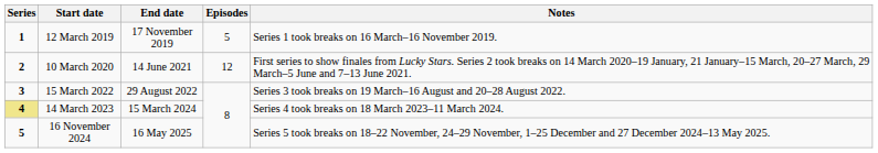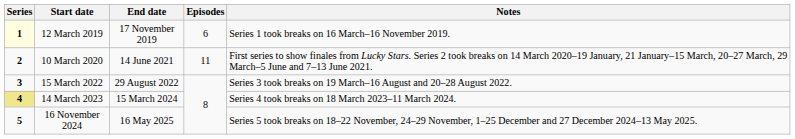 <table class="wikitable" style="text-align:center;">
 <tr>
 <th>Series</th>
 <th>Start date</th>
 <th>End date</th>
 <th>Episodes</th>
 <th>Notes</th>
 </tr>
 <tr>
-<td><strong>1</strong></td>
+<td style="background: lightyellow;"><strong>1</strong></td>
 <td>12 March 2019</td>
 <td>17 November 2019</td>
-<td>5</td>
+<td>6</td>
 <td style="text-align:left;">Series 1 took breaks on 16 March–16 November 2019.</td>
 </tr>
 <tr>
 <td><strong>2</strong></td>
 <td>10 March 2020</td>
 <td>14 June 2021</td>
-<td>12</td>
+<td>11</td>
 <td style="text-align:left;">First series to show finales from <em>Lucky Stars</em>. Series 2 took breaks on 14 March 2020–19 January, 21 January–15 March, 20–27 March, 29 March–5 June and 7–13 June 2021.</td>
 </tr>
 <tr>
 <td><strong>3</strong></td>
 <td>15 March 2022</td>
 <td>29 August 2022</td>
 <td rowspan="3">8</td>
 <td style="text-align:left;">Series 3 took breaks on 19 March–16 August and 20–28 August 2022.</td>
 </tr>
 <tr>
 <td style="background: khaki;"><strong>4</strong></td>
 <td>14 March 2023</td>
 <td>15 March 2024</td>
 <td style="text-align:left;">Series 4 took breaks on 18 March 2023–11 March 2024.</td>
 </tr>
 <tr>
 <td><strong>5</strong></td>
 <td>16 November 2024</td>
 <td>16 May 2025</td>
 <td style="text-align:left;">Series 5 took breaks on 18–22 November, 24–29 November, 1–25 December and 27 December 2024–13 May 2025.</td>
 </tr>
 </table>
